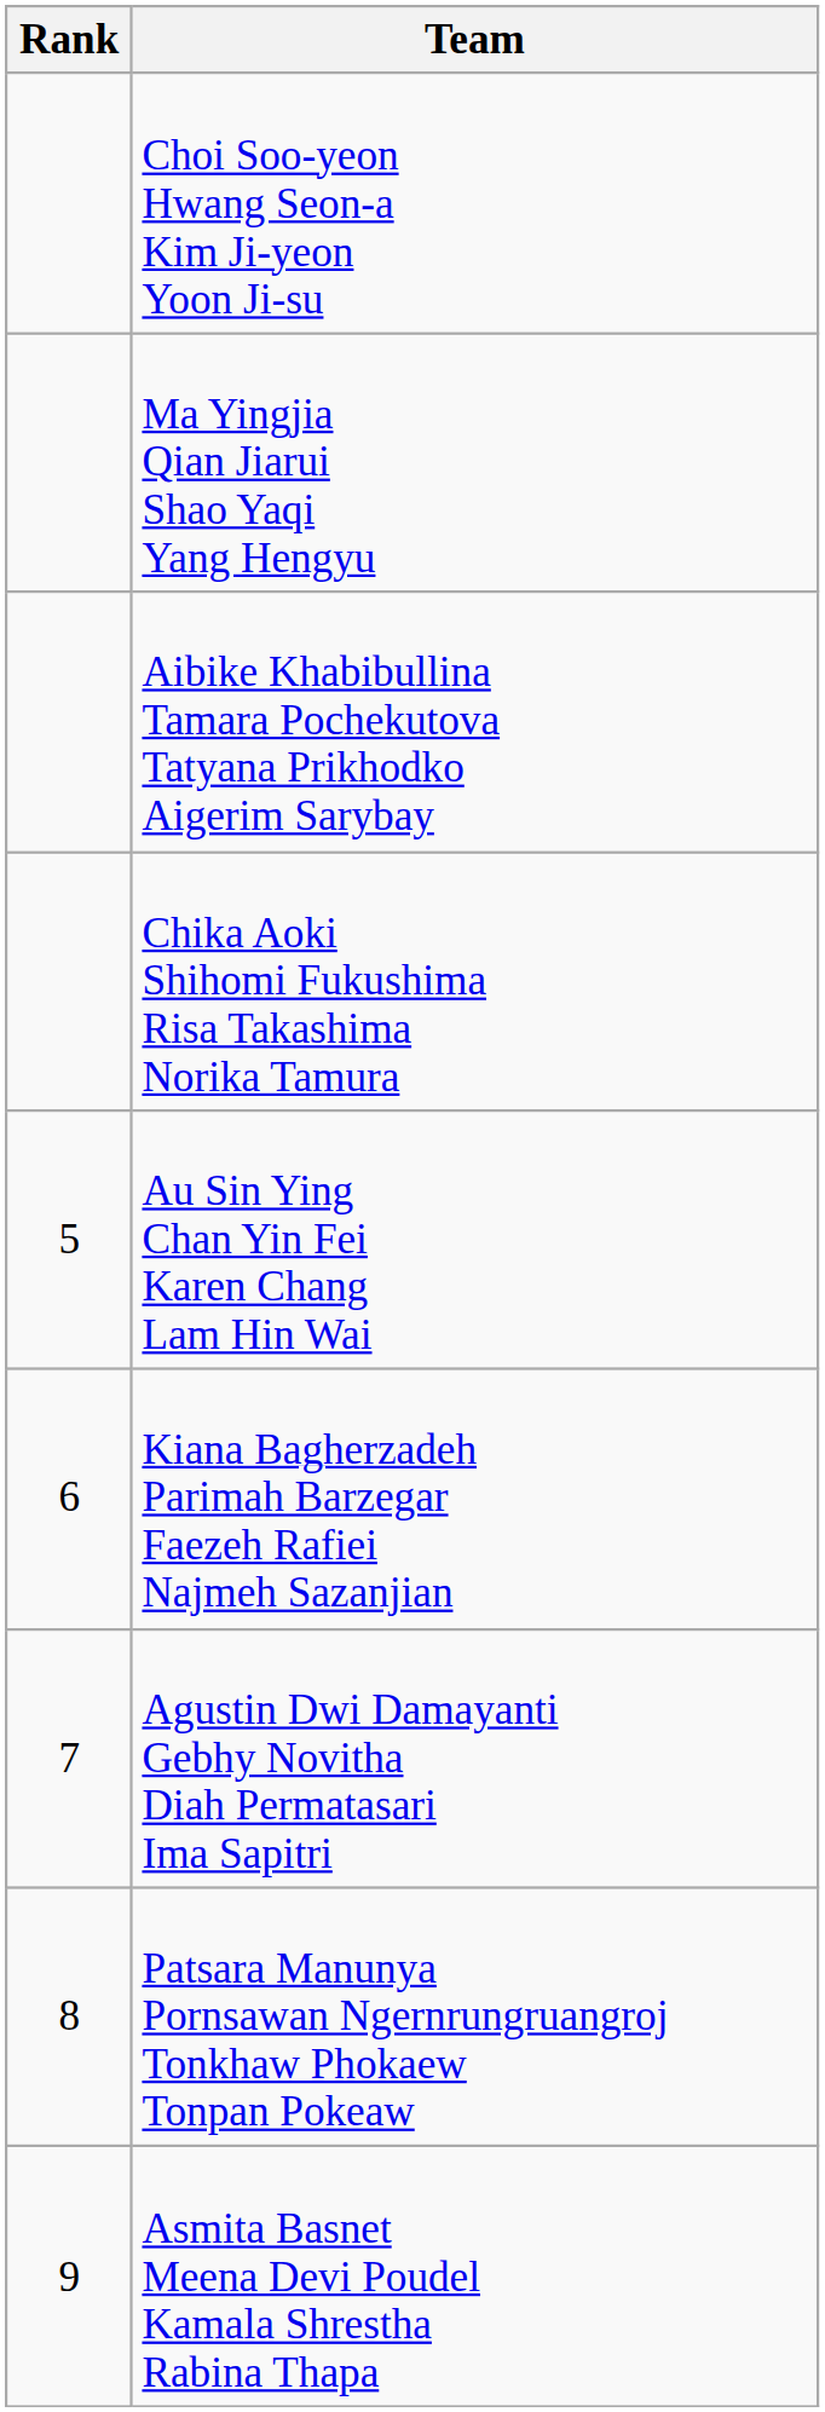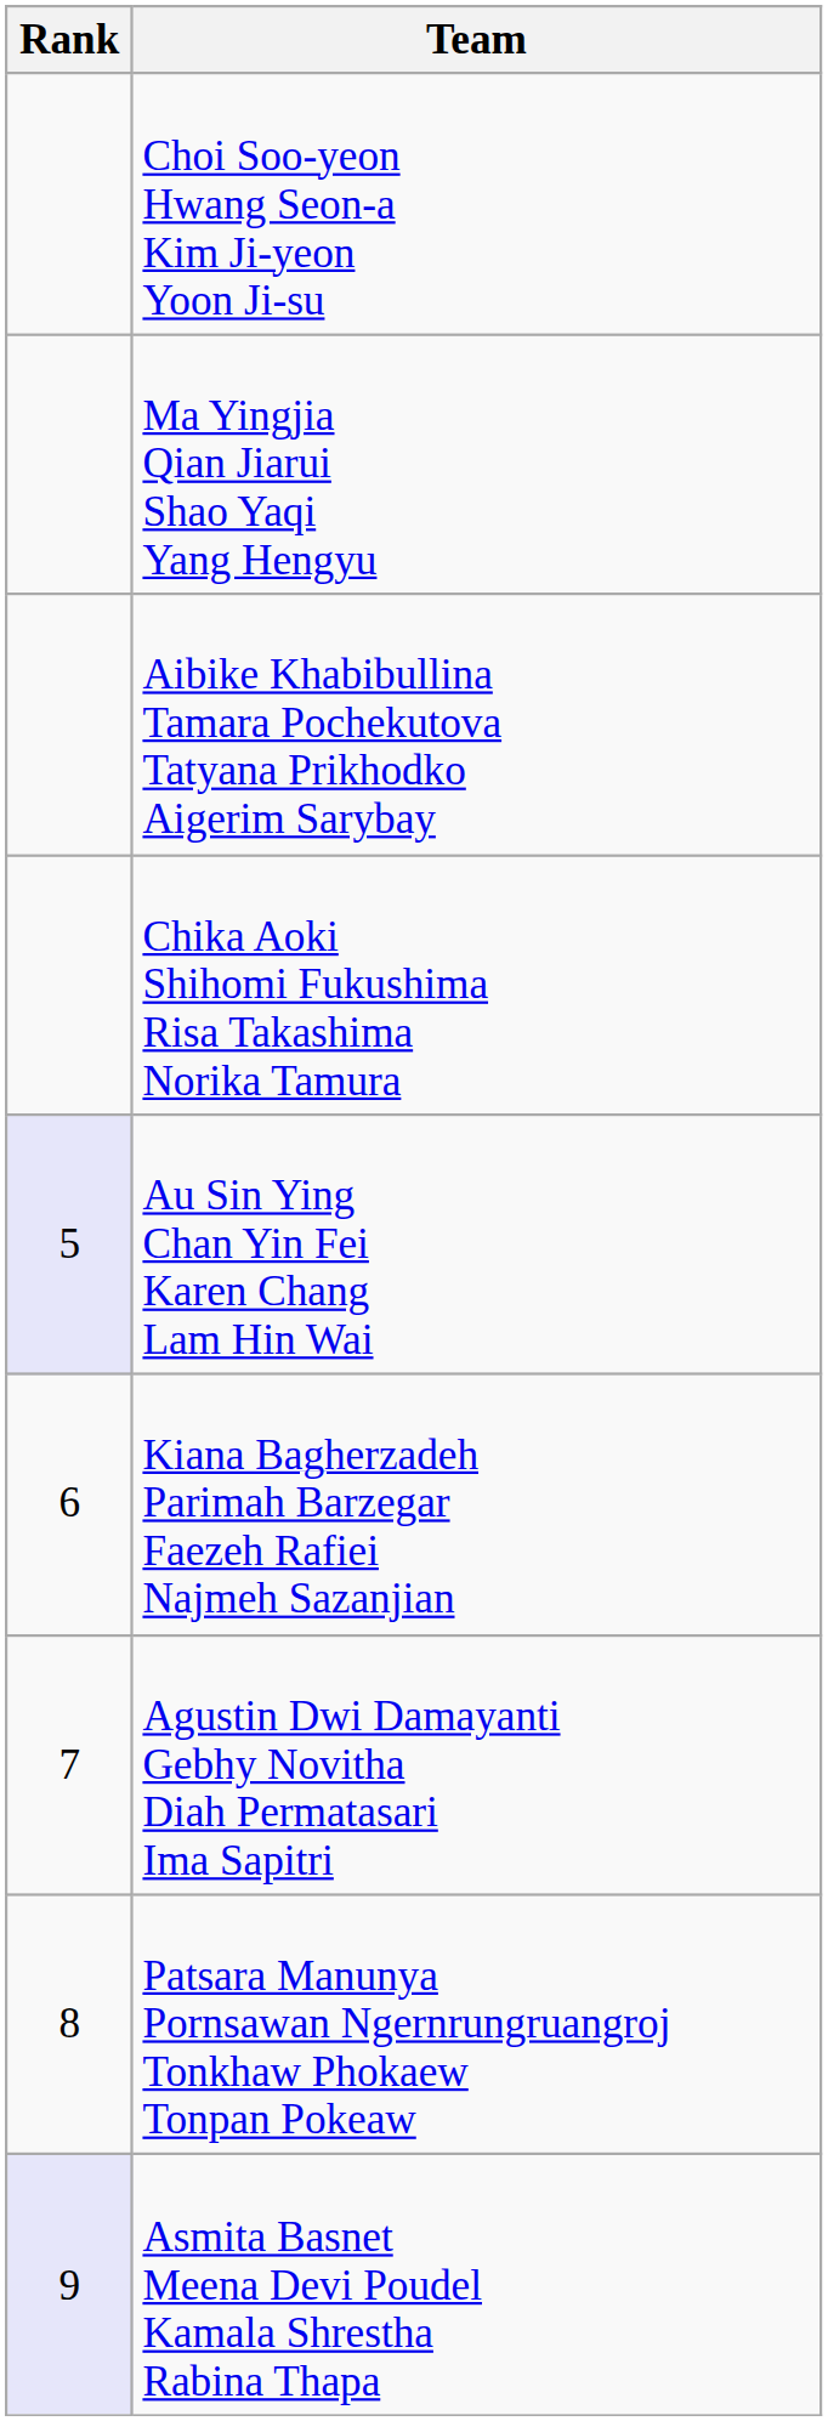 <table class="wikitable" style="text-align: center;">
 <tr>
 <th width=40>Rank</th>
 <th width=250>Team</th>
 </tr>
 <tr>
 <td></td>
 <td align=left><br><a href='#'>Choi Soo-yeon</a><br><a href='#'>Hwang Seon-a</a><br><a href='#'>Kim Ji-yeon</a><br><a href='#'>Yoon Ji-su</a></td>
 </tr>
 <tr>
 <td></td>
 <td align=left><br><a href='#'>Ma Yingjia</a><br><a href='#'>Qian Jiarui</a><br><a href='#'>Shao Yaqi</a><br><a href='#'>Yang Hengyu</a></td>
 </tr>
 <tr>
 <td></td>
 <td align=left><br><a href='#'>Aibike Khabibullina</a><br><a href='#'>Tamara Pochekutova</a><br><a href='#'>Tatyana Prikhodko</a><br><a href='#'>Aigerim Sarybay</a></td>
 </tr>
 <tr>
 <td></td>
 <td align=left><br><a href='#'>Chika Aoki</a><br><a href='#'>Shihomi Fukushima</a><br><a href='#'>Risa Takashima</a><br><a href='#'>Norika Tamura</a></td>
 </tr>
 <tr>
-<td>5</td>
+<td style="background: lavender;">5</td>
 <td align=left><br><a href='#'>Au Sin Ying</a><br><a href='#'>Chan Yin Fei</a><br><a href='#'>Karen Chang</a><br><a href='#'>Lam Hin Wai</a></td>
 </tr>
 <tr>
 <td>6</td>
 <td align=left><br><a href='#'>Kiana Bagherzadeh</a><br><a href='#'>Parimah Barzegar</a><br><a href='#'>Faezeh Rafiei</a><br><a href='#'>Najmeh Sazanjian</a></td>
 </tr>
 <tr>
 <td>7</td>
 <td align=left><br><a href='#'>Agustin Dwi Damayanti</a><br><a href='#'>Gebhy Novitha</a><br><a href='#'>Diah Permatasari</a><br><a href='#'>Ima Sapitri</a></td>
 </tr>
 <tr>
 <td>8</td>
 <td align=left><br><a href='#'>Patsara Manunya</a><br><a href='#'>Pornsawan Ngernrungruangroj</a><br><a href='#'>Tonkhaw Phokaew</a><br><a href='#'>Tonpan Pokeaw</a></td>
 </tr>
 <tr>
-<td>9</td>
+<td style="background: lavender;">9</td>
 <td align=left><br><a href='#'>Asmita Basnet</a><br><a href='#'>Meena Devi Poudel</a><br><a href='#'>Kamala Shrestha</a><br><a href='#'>Rabina Thapa</a></td>
 </tr>
 </table>
